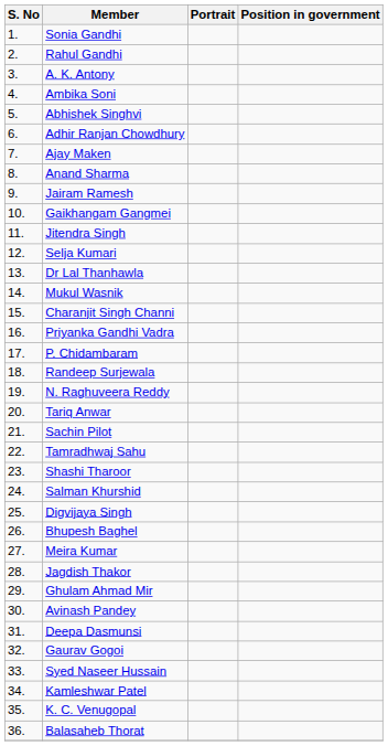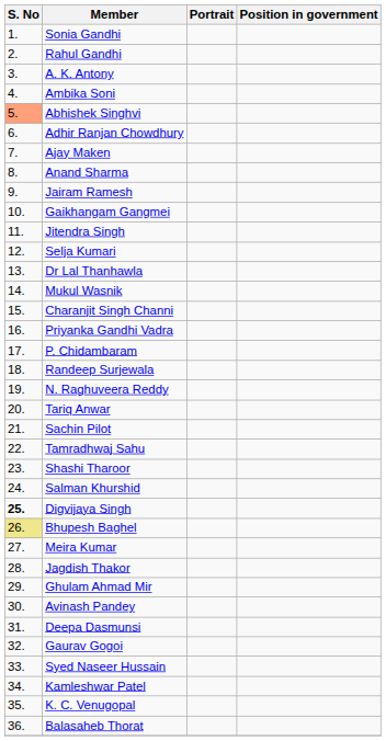 <table class="sortable wikitable">
 <tr>
 <th>S. No</th>
 <th>Member</th>
 <th>Portrait</th>
 <th>Position in government</th>
 </tr>
 <tr>
 <td>1.</td>
 <td><a href='#'>Sonia Gandhi</a></td>
 <td></td>
 <td></td>
 </tr>
 <tr>
 <td>2.</td>
 <td><a href='#'>Rahul Gandhi</a></td>
 <td></td>
 <td></td>
 </tr>
 <tr>
 <td>3.</td>
 <td><a href='#'>A. K. Antony</a></td>
 <td></td>
 <td></td>
 </tr>
 <tr>
 <td>4.</td>
 <td><a href='#'>Ambika Soni</a></td>
 <td></td>
 <td></td>
 </tr>
 <tr>
-<td>5.</td>
+<td style="background: lightsalmon;">5.</td>
 <td><a href='#'>Abhishek Singhvi</a></td>
 <td></td>
 <td></td>
 </tr>
 <tr>
 <td>6.</td>
 <td><a href='#'>Adhir Ranjan Chowdhury</a></td>
 <td></td>
 <td></td>
 </tr>
 <tr>
 <td>7.</td>
 <td><a href='#'>Ajay Maken</a></td>
 <td></td>
 <td></td>
 </tr>
 <tr>
 <td>8.</td>
 <td><a href='#'>Anand Sharma</a></td>
 <td></td>
 <td></td>
 </tr>
 <tr>
 <td>9.</td>
 <td><a href='#'>Jairam Ramesh</a></td>
 <td></td>
 <td></td>
 </tr>
 <tr>
 <td>10.</td>
 <td><a href='#'>Gaikhangam Gangmei</a></td>
 <td></td>
 <td></td>
 </tr>
 <tr>
 <td>11.</td>
 <td><a href='#'>Jitendra Singh</a></td>
 <td></td>
 <td></td>
 </tr>
 <tr>
 <td>12.</td>
 <td><a href='#'>Selja Kumari</a></td>
 <td></td>
 <td></td>
 </tr>
 <tr>
 <td>13.</td>
 <td><a href='#'>Dr Lal Thanhawla</a></td>
 <td></td>
 <td></td>
 </tr>
 <tr>
 <td>14.</td>
 <td><a href='#'>Mukul Wasnik</a></td>
 <td></td>
 <td></td>
 </tr>
 <tr>
 <td>15.</td>
 <td><a href='#'>Charanjit Singh Channi</a></td>
 <td></td>
 <td></td>
 </tr>
 <tr>
 <td>16.</td>
 <td><a href='#'>Priyanka Gandhi Vadra</a></td>
 <td></td>
 <td></td>
 </tr>
 <tr>
 <td>17.</td>
 <td><a href='#'>P. Chidambaram</a></td>
 <td></td>
 <td></td>
 </tr>
 <tr>
 <td>18.</td>
 <td><a href='#'>Randeep Surjewala</a></td>
 <td></td>
 <td></td>
 </tr>
 <tr>
 <td>19.</td>
 <td><a href='#'>N. Raghuveera Reddy</a></td>
 <td></td>
 <td></td>
 </tr>
 <tr>
 <td>20.</td>
 <td><a href='#'>Tariq Anwar</a></td>
 <td></td>
 <td></td>
 </tr>
 <tr>
 <td>21.</td>
 <td><a href='#'>Sachin Pilot</a></td>
 <td></td>
 <td></td>
 </tr>
 <tr>
 <td>22.</td>
 <td><a href='#'>Tamradhwaj Sahu</a></td>
 <td></td>
 <td></td>
 </tr>
 <tr>
 <td>23.</td>
 <td><a href='#'>Shashi Tharoor</a></td>
 <td></td>
 <td></td>
 </tr>
 <tr>
 <td>24.</td>
 <td><a href='#'>Salman Khurshid</a></td>
 <td></td>
 <td></td>
 </tr>
 <tr>
-<td>25.</td>
+<td><strong>25.</strong></td>
 <td><a href='#'>Digvijaya Singh</a></td>
 <td></td>
 <td></td>
 </tr>
 <tr>
-<td>26.</td>
+<td style="background: khaki;">26.</td>
 <td><a href='#'>Bhupesh Baghel</a></td>
 <td></td>
 <td></td>
 </tr>
 <tr>
 <td>27.</td>
 <td><a href='#'>Meira Kumar</a></td>
 <td></td>
 <td></td>
 </tr>
 <tr>
 <td>28.</td>
 <td><a href='#'>Jagdish Thakor</a></td>
 <td></td>
 <td></td>
 </tr>
 <tr>
 <td>29.</td>
 <td><a href='#'>Ghulam Ahmad Mir</a></td>
 <td></td>
 <td></td>
 </tr>
 <tr>
 <td>30.</td>
 <td><a href='#'>Avinash Pandey</a></td>
 <td></td>
 <td></td>
 </tr>
 <tr>
 <td>31.</td>
 <td><a href='#'>Deepa Dasmunsi</a></td>
 <td></td>
 <td></td>
 </tr>
 <tr>
 <td>32.</td>
 <td><a href='#'>Gaurav Gogoi</a></td>
 <td></td>
 <td></td>
 </tr>
 <tr>
 <td>33.</td>
 <td><a href='#'>Syed Naseer Hussain</a></td>
 <td></td>
 <td></td>
 </tr>
 <tr>
 <td>34.</td>
 <td><a href='#'>Kamleshwar Patel</a></td>
 <td></td>
 <td></td>
 </tr>
 <tr>
 <td>35.</td>
 <td><a href='#'>K. C. Venugopal</a></td>
 <td></td>
 <td></td>
 </tr>
 <tr>
 <td>36.</td>
 <td><a href='#'>Balasaheb Thorat</a></td>
 <td></td>
 <td></td>
 </tr>
 <tr>
 </tr>
 </table>
